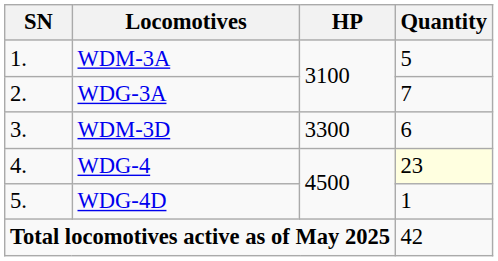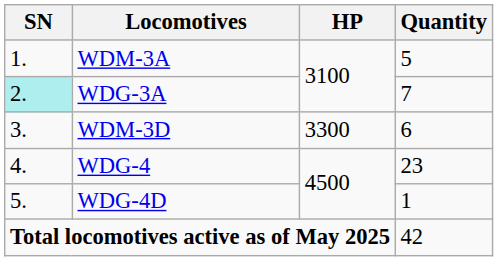 <table class="wikitable">
 <tr>
 <th>SN</th>
 <th>Locomotives</th>
 <th>HP</th>
 <th>Quantity</th>
 </tr>
 <tr>
 <td>1.</td>
 <td><a href='#'>WDM-3A</a></td>
 <td rowspan="2">3100</td>
 <td>5</td>
 </tr>
 <tr>
-<td>2.</td>
+<td style="background: paleturquoise;">2.</td>
 <td><a href='#'>WDG-3A</a></td>
 <td>7</td>
 </tr>
 <tr>
 <td>3.</td>
 <td><a href='#'>WDM-3D</a></td>
 <td>3300</td>
 <td>6</td>
 </tr>
 <tr>
 <td>4.</td>
 <td><a href='#'>WDG-4</a></td>
 <td rowspan="2">4500</td>
-<td style="background: lightyellow;">23</td>
+<td>23</td>
 </tr>
 <tr>
 <td>5.</td>
 <td><a href='#'>WDG-4D</a></td>
 <td>1</td>
 </tr>
 <tr>
 <td colspan="3"><strong>Total locomotives active as of May 2025</strong></td>
 <td>42</td>
 </tr>
 </table>
